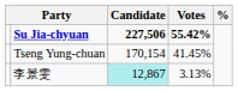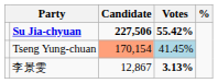 <table class="wikitable">
 <tr>
 <th colspan="2">Party</th>
 <th>Candidate</th>
 <th>Votes</th>
 <th>%</th>
 </tr>
 <tr>
 <td></td>
 <td><strong><a href='#'>Su Jia-chyuan</a></strong></td>
 <td align="right"><strong>227,506</strong></td>
 <td align="right"><strong>55.42%</strong></td>
 </tr>
 <tr>
 <td></td>
 <td>Tseng Yung-chuan</td>
-<td align="right">170,154</td>
-<td align="right">41.45%</td>
+<td align="right" style="background: lightsalmon;">170,154</td>
+<td align="right" style="background: lightblue;">41.45%</td>
 </tr>
 <tr>
 <td></td>
 <td>李景雯</td>
-<td align="right" style="background: paleturquoise;">12,867</td>
-<td align="right">3.13%</td>
+<td align="right">12,867</td>
+<td align="right"><strong>3.13%</strong></td>
 </tr>
 </table>
